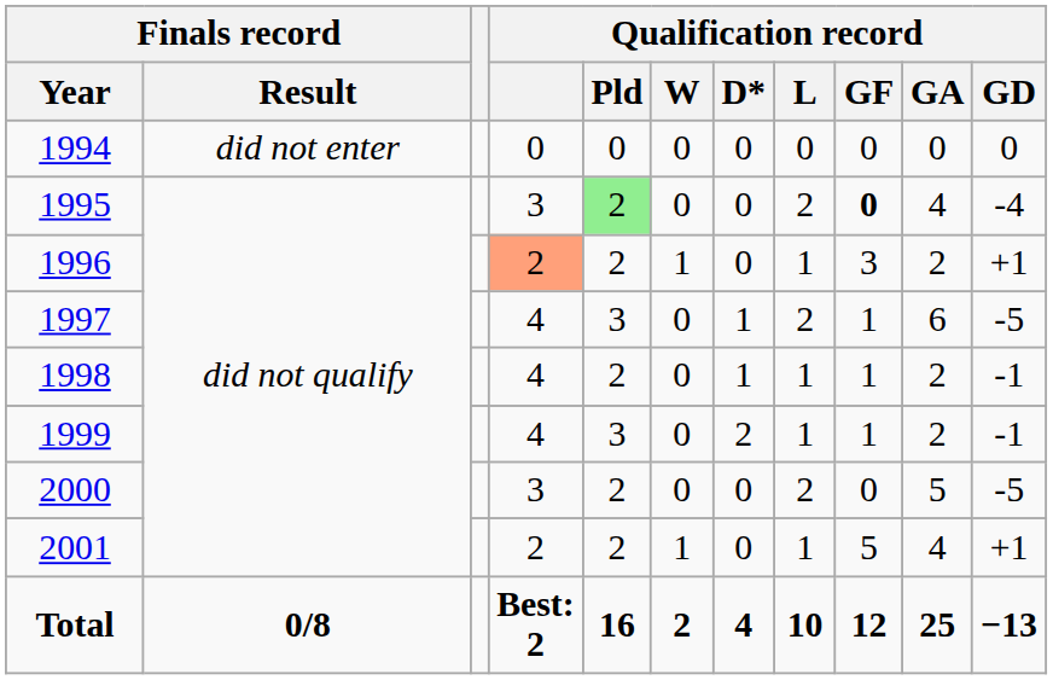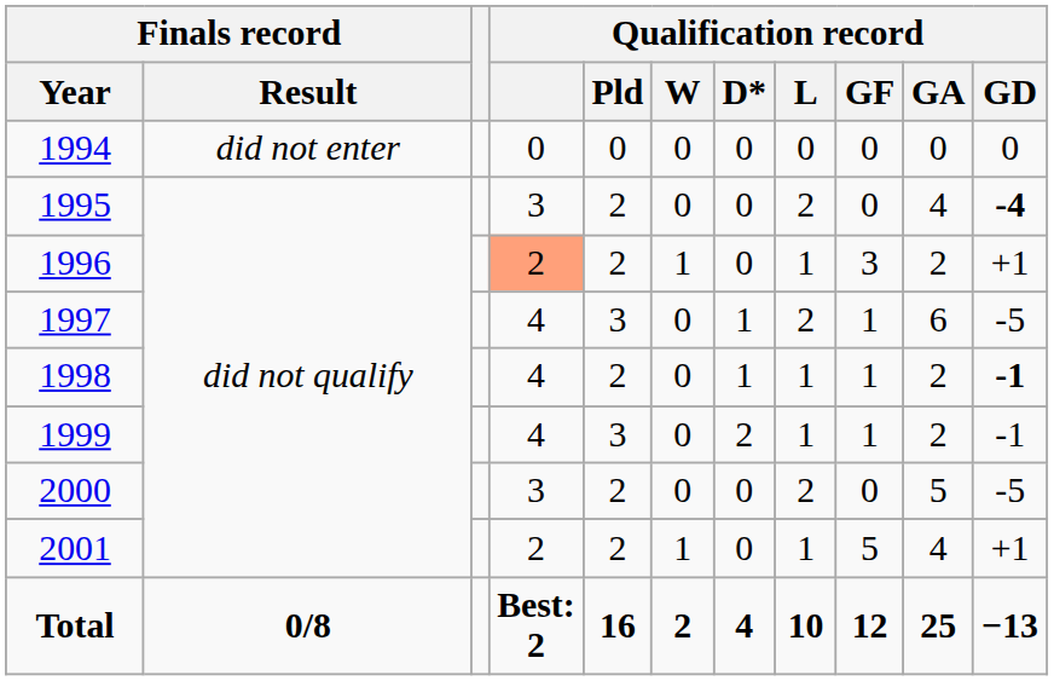 <table class="wikitable" style="text-align: center;">
 <tr>
 <th colspan=2 width="200">Finals record</th>
 <th rowspan=2></th>
 <th colspan=8>Qualification record</th>
 </tr>
 <tr>
 <th>Year</th>
 <th>Result</th>
 <th width=20></th>
 <th width=20>Pld</th>
 <th width=20>W</th>
 <th width=20>D*</th>
 <th width=20>L</th>
 <th width=20>GF</th>
 <th width=20>GA</th>
 <th width=25>GD</th>
 </tr>
 <tr>
 <td> <a href='#'>1994</a></td>
 <td rowspan="1"><em>did not enter</em></td>
 <td></td>
 <td>0</td>
 <td>0</td>
 <td>0</td>
 <td>0</td>
 <td>0</td>
 <td>0</td>
 <td>0</td>
 <td>0</td>
 </tr>
 <tr>
 <td> <a href='#'>1995</a></td>
 <td rowspan="7"><em>did not qualify</em></td>
 <td></td>
 <td>3</td>
-<td style="background: lightgreen;">2</td>
+<td>2</td>
 <td>0</td>
 <td>0</td>
 <td>2</td>
-<td><strong>0</strong></td>
+<td>0</td>
 <td>4</td>
-<td>-4</td>
+<td><strong>-4</strong></td>
 </tr>
 <tr>
 <td> <a href='#'>1996</a></td>
 <td></td>
 <td style="background: lightsalmon;">2</td>
 <td>2</td>
 <td>1</td>
 <td>0</td>
 <td>1</td>
 <td>3</td>
 <td>2</td>
 <td>+1</td>
 </tr>
 <tr>
 <td> <a href='#'>1997</a></td>
 <td></td>
 <td>4</td>
 <td>3</td>
 <td>0</td>
 <td>1</td>
 <td>2</td>
 <td>1</td>
 <td>6</td>
 <td>-5</td>
 </tr>
 <tr>
 <td> <a href='#'>1998</a></td>
 <td></td>
 <td>4</td>
 <td>2</td>
 <td>0</td>
 <td>1</td>
 <td>1</td>
 <td>1</td>
 <td>2</td>
-<td>-1</td>
+<td><strong>-1</strong></td>
 </tr>
 <tr>
 <td> <a href='#'>1999</a></td>
 <td></td>
 <td>4</td>
 <td>3</td>
 <td>0</td>
 <td>2</td>
 <td>1</td>
 <td>1</td>
 <td>2</td>
 <td>-1</td>
 </tr>
 <tr>
 <td> <a href='#'>2000</a></td>
 <td></td>
 <td>3</td>
 <td>2</td>
 <td>0</td>
 <td>0</td>
 <td>2</td>
 <td>0</td>
 <td>5</td>
 <td>-5</td>
 </tr>
 <tr>
 <td> <a href='#'>2001</a></td>
 <td></td>
 <td>2</td>
 <td>2</td>
 <td>1</td>
 <td>0</td>
 <td>1</td>
 <td>5</td>
 <td>4</td>
 <td>+1</td>
 </tr>
 <tr>
 <td><strong>Total</strong></td>
 <td><strong>0/8</strong></td>
 <td></td>
 <td><strong>Best: 2</strong></td>
 <td><strong>16</strong></td>
 <td><strong>2</strong></td>
 <td><strong>4</strong></td>
 <td><strong>10</strong></td>
 <td><strong>12</strong></td>
 <td><strong>25</strong></td>
 <td><strong>−13</strong></td>
 </tr>
 </table>
